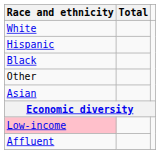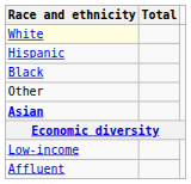 <table class="wikitable floatright sortable collapsible"; text-align:right; font-size:80%;">
 <tr>
 <th>Race and ethnicity</th>
 <th colspan="2" data-sort-type=number>Total</th>
 <td></td>
 </tr>
 <tr>
-<td><a href='#'>White</a></td>
+<td style="background: lightyellow;"><a href='#'>White</a></td>
 <td align=right></td>
 </tr>
 <tr>
 <td><a href='#'>Hispanic</a></td>
 <td align=right></td>
 </tr>
 <tr>
 <td><a href='#'>Black</a></td>
 <td align=right></td>
 </tr>
 <tr>
 <td>Other</td>
 <td align=right></td>
 </tr>
 <tr>
-<td><a href='#'>Asian</a></td>
+<td><strong><a href='#'>Asian</a></strong></td>
 <td align=right></td>
 </tr>
 <tr>
 <th colspan="4" data-sort-type=number><a href='#'>Economic diversity</a></th>
 </tr>
 <tr>
-<td style="background: pink;"><a href='#'>Low-income</a></td>
+<td><a href='#'>Low-income</a></td>
 <td align=right></td>
 </tr>
 <tr>
 <td><a href='#'>Affluent</a></td>
 <td align=right></td>
 </tr>
 </table>
